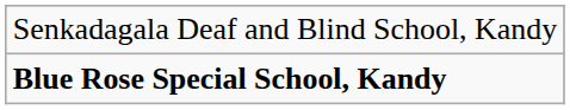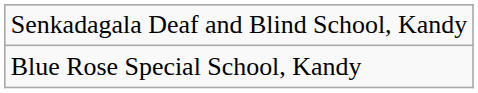 <table class="wikitable">
 <tr>
 <td>Senkadagala Deaf and Blind School, Kandy</td>
 </tr>
 <tr>
-<td><strong>Blue Rose Special School, Kandy</strong></td>
+<td>Blue Rose Special School, Kandy</td>
 </tr>
 </table>
